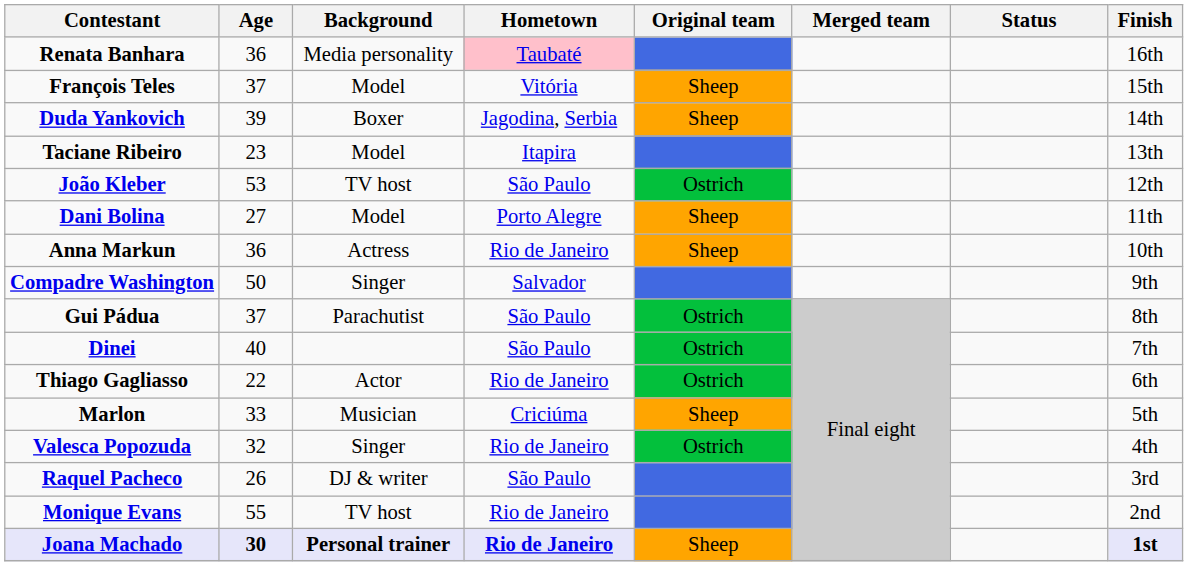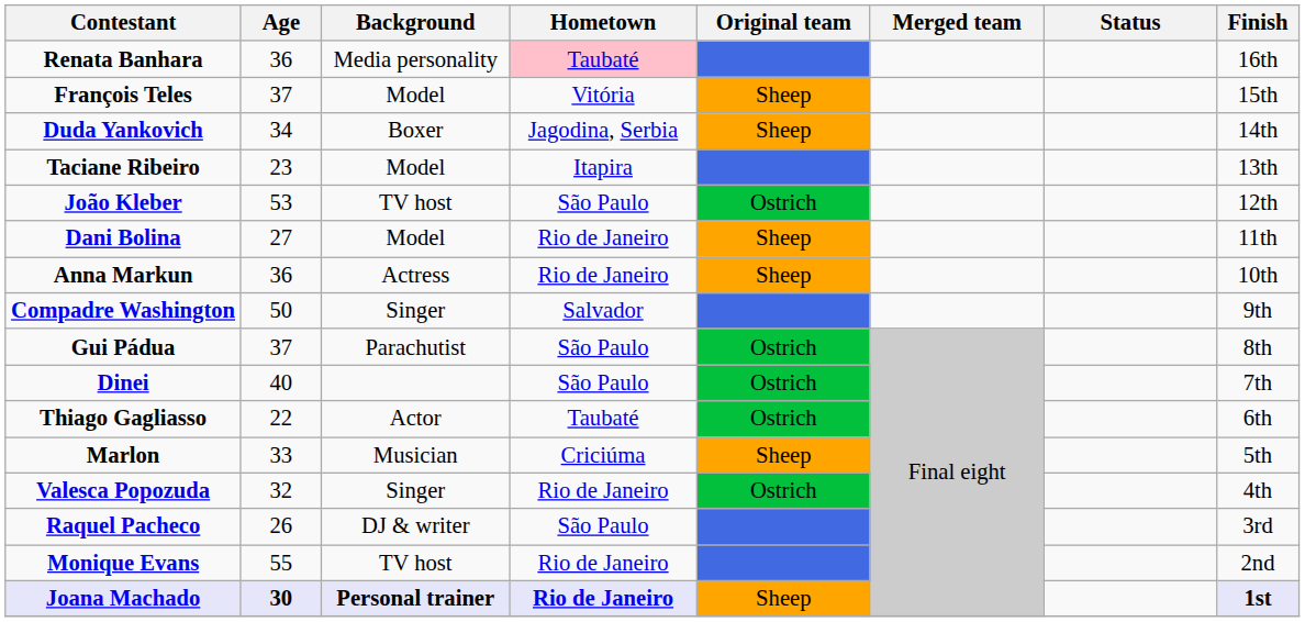 <table class= "wikitable sortable" style="text-align: center; margin:auto; align: center">
 <tr>
 <th width=150>Contestant</th>
 <th width=050>Age</th>
 <th width=125>Background</th>
 <th width=125>Hometown</th>
 <th width=115>Original team</th>
 <th width=115>Merged team</th>
 <th width=115>Status</th>
 <th width=050>Finish</th>
 </tr>
 <tr>
 <td><strong>Renata Banhara</strong></td>
 <td>36</td>
 <td>Media personality</td>
 <td style="background: pink;"><a href='#'>Taubaté</a></td>
 <td bgcolor="4169E1"></td>
 <td></td>
 <td><br></td>
 <td>16th</td>
 </tr>
 <tr>
 <td><strong>François Teles</strong></td>
 <td>37</td>
 <td>Model</td>
 <td><a href='#'>Vitória</a></td>
 <td bgcolor="FFA500">Sheep</td>
 <td></td>
 <td><br></td>
 <td>15th</td>
 </tr>
 <tr>
 <td><strong><a href='#'>Duda Yankovich</a></strong></td>
-<td>39</td>
+<td>34</td>
 <td>Boxer</td>
 <td><a href='#'>Jagodina</a>, <a href='#'>Serbia</a></td>
 <td bgcolor="FFA500">Sheep</td>
 <td></td>
 <td><br></td>
 <td>14th</td>
 </tr>
 <tr>
 <td><strong>Taciane Ribeiro</strong></td>
 <td>23</td>
 <td>Model</td>
 <td><a href='#'>Itapira</a></td>
 <td bgcolor="4169E1"></td>
 <td></td>
 <td><br></td>
 <td>13th</td>
 </tr>
 <tr>
 <td><strong><a href='#'>João Kleber</a></strong></td>
 <td>53</td>
 <td>TV host</td>
 <td><a href='#'>São Paulo</a></td>
 <td bgcolor="03C03C">Ostrich</td>
 <td></td>
 <td><br></td>
 <td>12th</td>
 </tr>
 <tr>
 <td><strong><a href='#'>Dani Bolina</a></strong></td>
 <td>27</td>
 <td>Model</td>
-<td><a href='#'>Porto Alegre</a></td>
+<td><a href='#'>Rio de Janeiro</a></td>
 <td bgcolor="FFA500">Sheep</td>
 <td></td>
 <td><br></td>
 <td>11th</td>
 </tr>
 <tr>
 <td><strong>Anna Markun</strong></td>
 <td>36</td>
 <td>Actress</td>
 <td><a href='#'>Rio de Janeiro</a></td>
 <td bgcolor="FFA500">Sheep</td>
 <td></td>
 <td><br></td>
 <td>10th</td>
 </tr>
 <tr>
 <td nowrap><strong><a href='#'>Compadre Washington</a></strong></td>
 <td>50</td>
 <td>Singer</td>
 <td><a href='#'>Salvador</a></td>
 <td bgcolor="4169E1"></td>
 <td></td>
 <td><br></td>
 <td>9th</td>
 </tr>
 <tr>
 <td><strong>Gui Pádua</strong></td>
 <td>37</td>
 <td>Parachutist</td>
 <td><a href='#'>São Paulo</a></td>
 <td bgcolor="03C03C">Ostrich</td>
 <td bgcolor="CCCCCC" rowspan=8>Final eight</td>
 <td><br></td>
 <td>8th</td>
 </tr>
 <tr>
 <td><strong><a href='#'>Dinei</a></strong></td>
 <td>40</td>
 <td></td>
 <td><a href='#'>São Paulo</a></td>
 <td bgcolor="03C03C">Ostrich</td>
 <td><br></td>
 <td>7th</td>
 </tr>
 <tr>
 <td><strong>Thiago Gagliasso</strong></td>
 <td>22</td>
 <td>Actor</td>
-<td><a href='#'>Rio de Janeiro</a></td>
+<td><a href='#'>Taubaté</a></td>
 <td bgcolor="03C03C">Ostrich</td>
 <td><br></td>
 <td>6th</td>
 </tr>
 <tr>
 <td><strong>Marlon</strong></td>
 <td>33</td>
 <td>Musician</td>
 <td><a href='#'>Criciúma</a></td>
 <td bgcolor="FFA500">Sheep</td>
 <td><br></td>
 <td>5th</td>
 </tr>
 <tr>
 <td><strong><a href='#'>Valesca Popozuda</a></strong></td>
 <td>32</td>
 <td>Singer</td>
 <td><a href='#'>Rio de Janeiro</a></td>
 <td bgcolor="03C03C">Ostrich</td>
 <td><br></td>
 <td>4th</td>
 </tr>
 <tr>
 <td><strong><a href='#'>Raquel Pacheco</a></strong></td>
 <td>26</td>
 <td>DJ & writer</td>
 <td><a href='#'>São Paulo</a></td>
 <td bgcolor="4169E1"></td>
 <td><br></td>
 <td>3rd</td>
 </tr>
 <tr>
 <td><strong><a href='#'>Monique Evans</a></strong></td>
 <td>55</td>
 <td>TV host</td>
 <td><a href='#'>Rio de Janeiro</a></td>
 <td bgcolor="4169E1"></td>
 <td></td>
 <td>2nd</td>
 </tr>
 <tr>
 <td bgcolor="E6E6FA" nowrap><strong><a href='#'>Joana Machado</a></strong></td>
 <td bgcolor="E6E6FA"><strong>30</strong></td>
 <td bgcolor="E6E6FA"><strong>Personal trainer</strong></td>
 <td bgcolor="E6E6FA"><strong><a href='#'>Rio de Janeiro</a></strong></td>
 <td bgcolor="FFA500">Sheep</td>
 <td></td>
 <td bgcolor="E6E6FA"><strong>1st</strong></td>
 </tr>
 <tr>
 </tr>
 </table>
